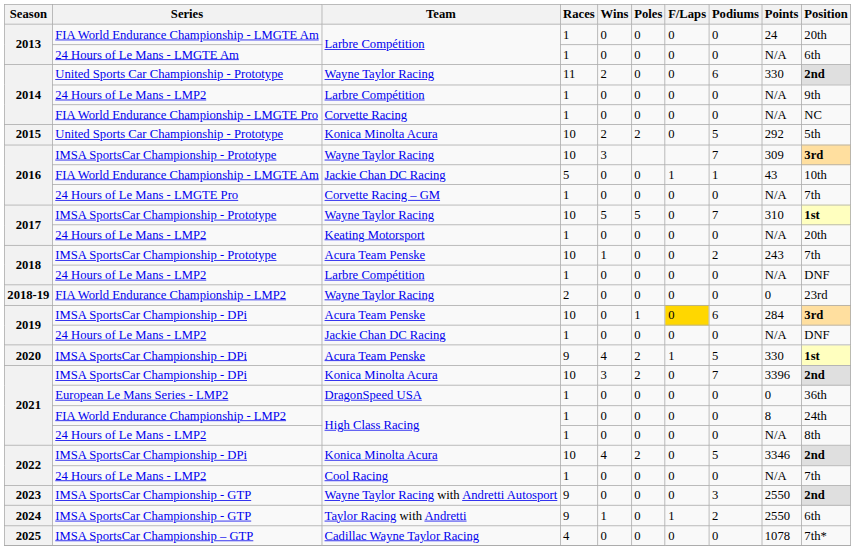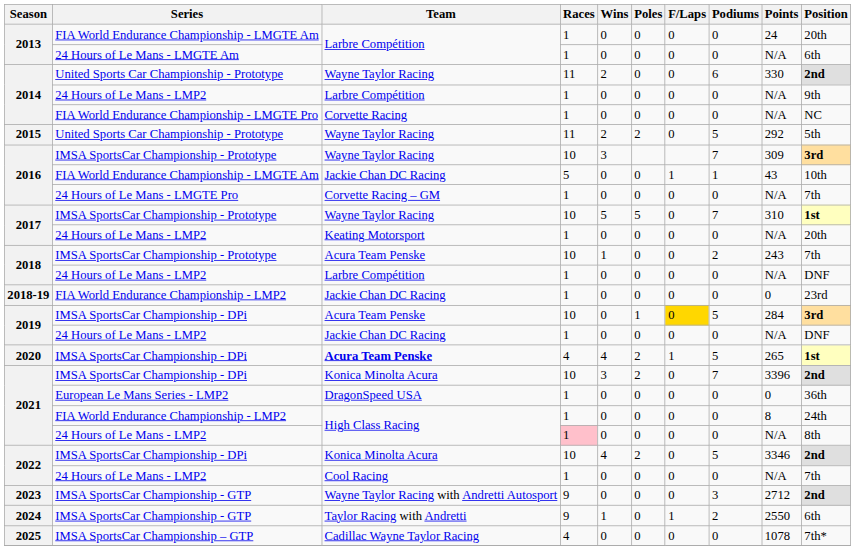 <table class="wikitable">
 <tr>
 <th>Season</th>
 <th>Series</th>
 <th>Team</th>
 <th>Races</th>
 <th>Wins</th>
 <th>Poles</th>
 <th>F/Laps</th>
 <th>Podiums</th>
 <th>Points</th>
 <th>Position</th>
 </tr>
 <tr>
 <th rowspan="2">2013</th>
 <td><a href='#'>FIA World Endurance Championship - LMGTE Am</a></td>
 <td rowspan="2"><a href='#'>Larbre Compétition</a></td>
 <td>1</td>
 <td>0</td>
 <td>0</td>
 <td>0</td>
 <td>0</td>
 <td>24</td>
 <td>20th</td>
 </tr>
 <tr>
 <td><a href='#'>24 Hours of Le Mans - LMGTE Am</a></td>
 <td>1</td>
 <td>0</td>
 <td>0</td>
 <td>0</td>
 <td>0</td>
 <td>N/A</td>
 <td>6th</td>
 </tr>
 <tr>
 <th rowspan="3">2014</th>
 <td><a href='#'>United Sports Car Championship - Prototype</a></td>
 <td><a href='#'>Wayne Taylor Racing</a></td>
 <td>11</td>
 <td>2</td>
 <td>0</td>
 <td>0</td>
 <td>6</td>
 <td>330</td>
 <td style="background:#DFDFDF;”"><strong>2nd</strong></td>
 </tr>
 <tr>
 <td><a href='#'>24 Hours of Le Mans - LMP2</a></td>
 <td><a href='#'>Larbre Compétition</a></td>
 <td>1</td>
 <td>0</td>
 <td>0</td>
 <td>0</td>
 <td>0</td>
 <td>N/A</td>
 <td>9th</td>
 </tr>
 <tr>
 <td><a href='#'>FIA World Endurance Championship - LMGTE Pro</a></td>
 <td><a href='#'>Corvette Racing</a></td>
 <td>1</td>
 <td>0</td>
 <td>0</td>
 <td>0</td>
 <td>0</td>
 <td>N/A</td>
 <td>NC</td>
 </tr>
 <tr>
 <th>2015</th>
 <td><a href='#'>United Sports Car Championship - Prototype</a></td>
-<td><a href='#'>Konica Minolta Acura</a></td>
-<td>10</td>
+<td><a href='#'>Wayne Taylor Racing</a></td>
+<td>11</td>
 <td>2</td>
 <td>2</td>
 <td>0</td>
 <td>5</td>
 <td>292</td>
 <td>5th</td>
 </tr>
 <tr>
 <th rowspan="3">2016</th>
 <td><a href='#'>IMSA SportsCar Championship - Prototype</a></td>
 <td><a href='#'>Wayne Taylor Racing</a></td>
 <td>10</td>
 <td>3</td>
 <td></td>
 <td></td>
 <td>7</td>
 <td>309</td>
 <td style="background:#FFDF9F;”"><strong>3rd</strong></td>
 </tr>
 <tr>
 <td><a href='#'>FIA World Endurance Championship - LMGTE Am</a></td>
 <td><a href='#'>Jackie Chan DC Racing</a></td>
 <td>5</td>
 <td>0</td>
 <td>0</td>
 <td>1</td>
 <td>1</td>
 <td>43</td>
 <td>10th</td>
 </tr>
 <tr>
 <td><a href='#'>24 Hours of Le Mans - LMGTE Pro</a></td>
 <td><a href='#'>Corvette Racing – GM</a></td>
 <td>1</td>
 <td>0</td>
 <td>0</td>
 <td>0</td>
 <td>0</td>
 <td>N/A</td>
 <td>7th</td>
 </tr>
 <tr>
 <th rowspan="2">2017</th>
 <td><a href='#'>IMSA SportsCar Championship - Prototype</a></td>
 <td><a href='#'>Wayne Taylor Racing</a></td>
 <td>10</td>
 <td>5</td>
 <td>5</td>
 <td>0</td>
 <td>7</td>
 <td>310</td>
 <td style="background:#FFFFBF;”"><strong>1st</strong></td>
 </tr>
 <tr>
 <td><a href='#'>24 Hours of Le Mans - LMP2</a></td>
 <td><a href='#'>Keating Motorsport</a></td>
 <td>1</td>
 <td>0</td>
 <td>0</td>
 <td>0</td>
 <td>0</td>
 <td>N/A</td>
 <td>20th</td>
 </tr>
 <tr>
 <th rowspan="2">2018</th>
 <td><a href='#'>IMSA SportsCar Championship - Prototype</a></td>
 <td><a href='#'>Acura Team Penske</a></td>
 <td>10</td>
 <td>1</td>
 <td>0</td>
 <td>0</td>
 <td>2</td>
 <td>243</td>
 <td>7th</td>
 </tr>
 <tr>
 <td><a href='#'>24 Hours of Le Mans - LMP2</a></td>
 <td><a href='#'>Larbre Compétition</a></td>
 <td>1</td>
 <td>0</td>
 <td>0</td>
 <td>0</td>
 <td>0</td>
 <td>N/A</td>
 <td>DNF</td>
 </tr>
 <tr>
 <th>2018-19</th>
 <td><a href='#'>FIA World Endurance Championship - LMP2</a></td>
-<td><a href='#'>Wayne Taylor Racing</a></td>
-<td>2</td>
+<td><a href='#'>Jackie Chan DC Racing</a></td>
+<td>1</td>
 <td>0</td>
 <td>0</td>
 <td>0</td>
 <td>0</td>
 <td>0</td>
 <td>23rd</td>
 </tr>
 <tr>
 <th rowspan="2">2019</th>
 <td><a href='#'>IMSA SportsCar Championship - DPi</a></td>
 <td><a href='#'>Acura Team Penske</a></td>
 <td>10</td>
 <td>0</td>
 <td>1</td>
 <td style="background: gold;">0</td>
-<td>6</td>
+<td>5</td>
 <td>284</td>
 <td style="background:#FFDF9F;”"><strong>3rd</strong></td>
 </tr>
 <tr>
 <td><a href='#'>24 Hours of Le Mans - LMP2</a></td>
 <td><a href='#'>Jackie Chan DC Racing</a></td>
 <td>1</td>
 <td>0</td>
 <td>0</td>
 <td>0</td>
 <td>0</td>
 <td>N/A</td>
 <td>DNF</td>
 </tr>
 <tr>
 <th>2020</th>
 <td><a href='#'>IMSA SportsCar Championship - DPi</a></td>
-<td><a href='#'>Acura Team Penske</a></td>
-<td>9</td>
+<td><strong><a href='#'>Acura Team Penske</a></strong></td>
+<td>4</td>
 <td>4</td>
 <td>2</td>
 <td>1</td>
 <td>5</td>
-<td>330</td>
+<td>265</td>
 <td style="background:#FFFFBF;”"><strong>1st</strong></td>
 </tr>
 <tr>
 <th rowspan="4">2021</th>
 <td><a href='#'>IMSA SportsCar Championship - DPi</a></td>
 <td><a href='#'>Konica Minolta Acura</a></td>
 <td>10</td>
 <td>3</td>
 <td>2</td>
 <td>0</td>
 <td>7</td>
 <td>3396</td>
 <td style="background:#DFDFDF;”"><strong>2nd</strong></td>
 </tr>
 <tr>
 <td><a href='#'>European Le Mans Series - LMP2</a></td>
 <td><a href='#'>DragonSpeed USA</a></td>
 <td>1</td>
 <td>0</td>
 <td>0</td>
 <td>0</td>
 <td>0</td>
 <td>0</td>
 <td>36th</td>
 </tr>
 <tr>
 <td><a href='#'>FIA World Endurance Championship - LMP2</a></td>
 <td rowspan="2"><a href='#'>High Class Racing</a></td>
 <td>1</td>
 <td>0</td>
 <td>0</td>
 <td>0</td>
 <td>0</td>
 <td>8</td>
 <td>24th</td>
 </tr>
 <tr>
 <td><a href='#'>24 Hours of Le Mans - LMP2</a></td>
-<td>1</td>
+<td style="background: pink;">1</td>
 <td>0</td>
 <td>0</td>
 <td>0</td>
 <td>0</td>
 <td>N/A</td>
 <td>8th</td>
 </tr>
 <tr>
 <th rowspan="2">2022</th>
 <td><a href='#'>IMSA SportsCar Championship - DPi</a></td>
 <td><a href='#'>Konica Minolta Acura</a></td>
 <td>10</td>
 <td>4</td>
 <td>2</td>
 <td>0</td>
 <td>5</td>
 <td>3346</td>
 <td style="background:#DFDFDF;”"><strong>2nd</strong></td>
 </tr>
 <tr>
 <td><a href='#'>24 Hours of Le Mans - LMP2</a></td>
 <td><a href='#'>Cool Racing</a></td>
 <td>1</td>
 <td>0</td>
 <td>0</td>
 <td>0</td>
 <td>0</td>
 <td>N/A</td>
 <td>7th</td>
 </tr>
 <tr>
 <th>2023</th>
 <td><a href='#'>IMSA SportsCar Championship - GTP</a></td>
 <td><a href='#'>Wayne Taylor Racing</a> with <a href='#'>Andretti Autosport</a></td>
 <td>9</td>
 <td>0</td>
 <td>0</td>
 <td>0</td>
 <td>3</td>
-<td>2550</td>
+<td>2712</td>
 <td style="background:#DFDFDF;”"><strong>2nd</strong></td>
 </tr>
 <tr>
 <th>2024</th>
 <td><a href='#'>IMSA SportsCar Championship - GTP</a></td>
 <td><a href='#'>Taylor Racing</a> with <a href='#'>Andretti</a></td>
 <td>9</td>
 <td>1</td>
 <td>0</td>
 <td>1</td>
 <td>2</td>
 <td>2550</td>
 <td>6th</td>
 </tr>
 <tr>
 <th>2025</th>
 <td align=left><a href='#'>IMSA SportsCar Championship – GTP</a></td>
 <td align=left><a href='#'>Cadillac Wayne Taylor Racing</a></td>
 <td>4</td>
 <td>0</td>
 <td>0</td>
 <td>0</td>
 <td>0</td>
 <td>1078</td>
 <td>7th*</td>
 </tr>
 <tr>
 </tr>
 </table>
